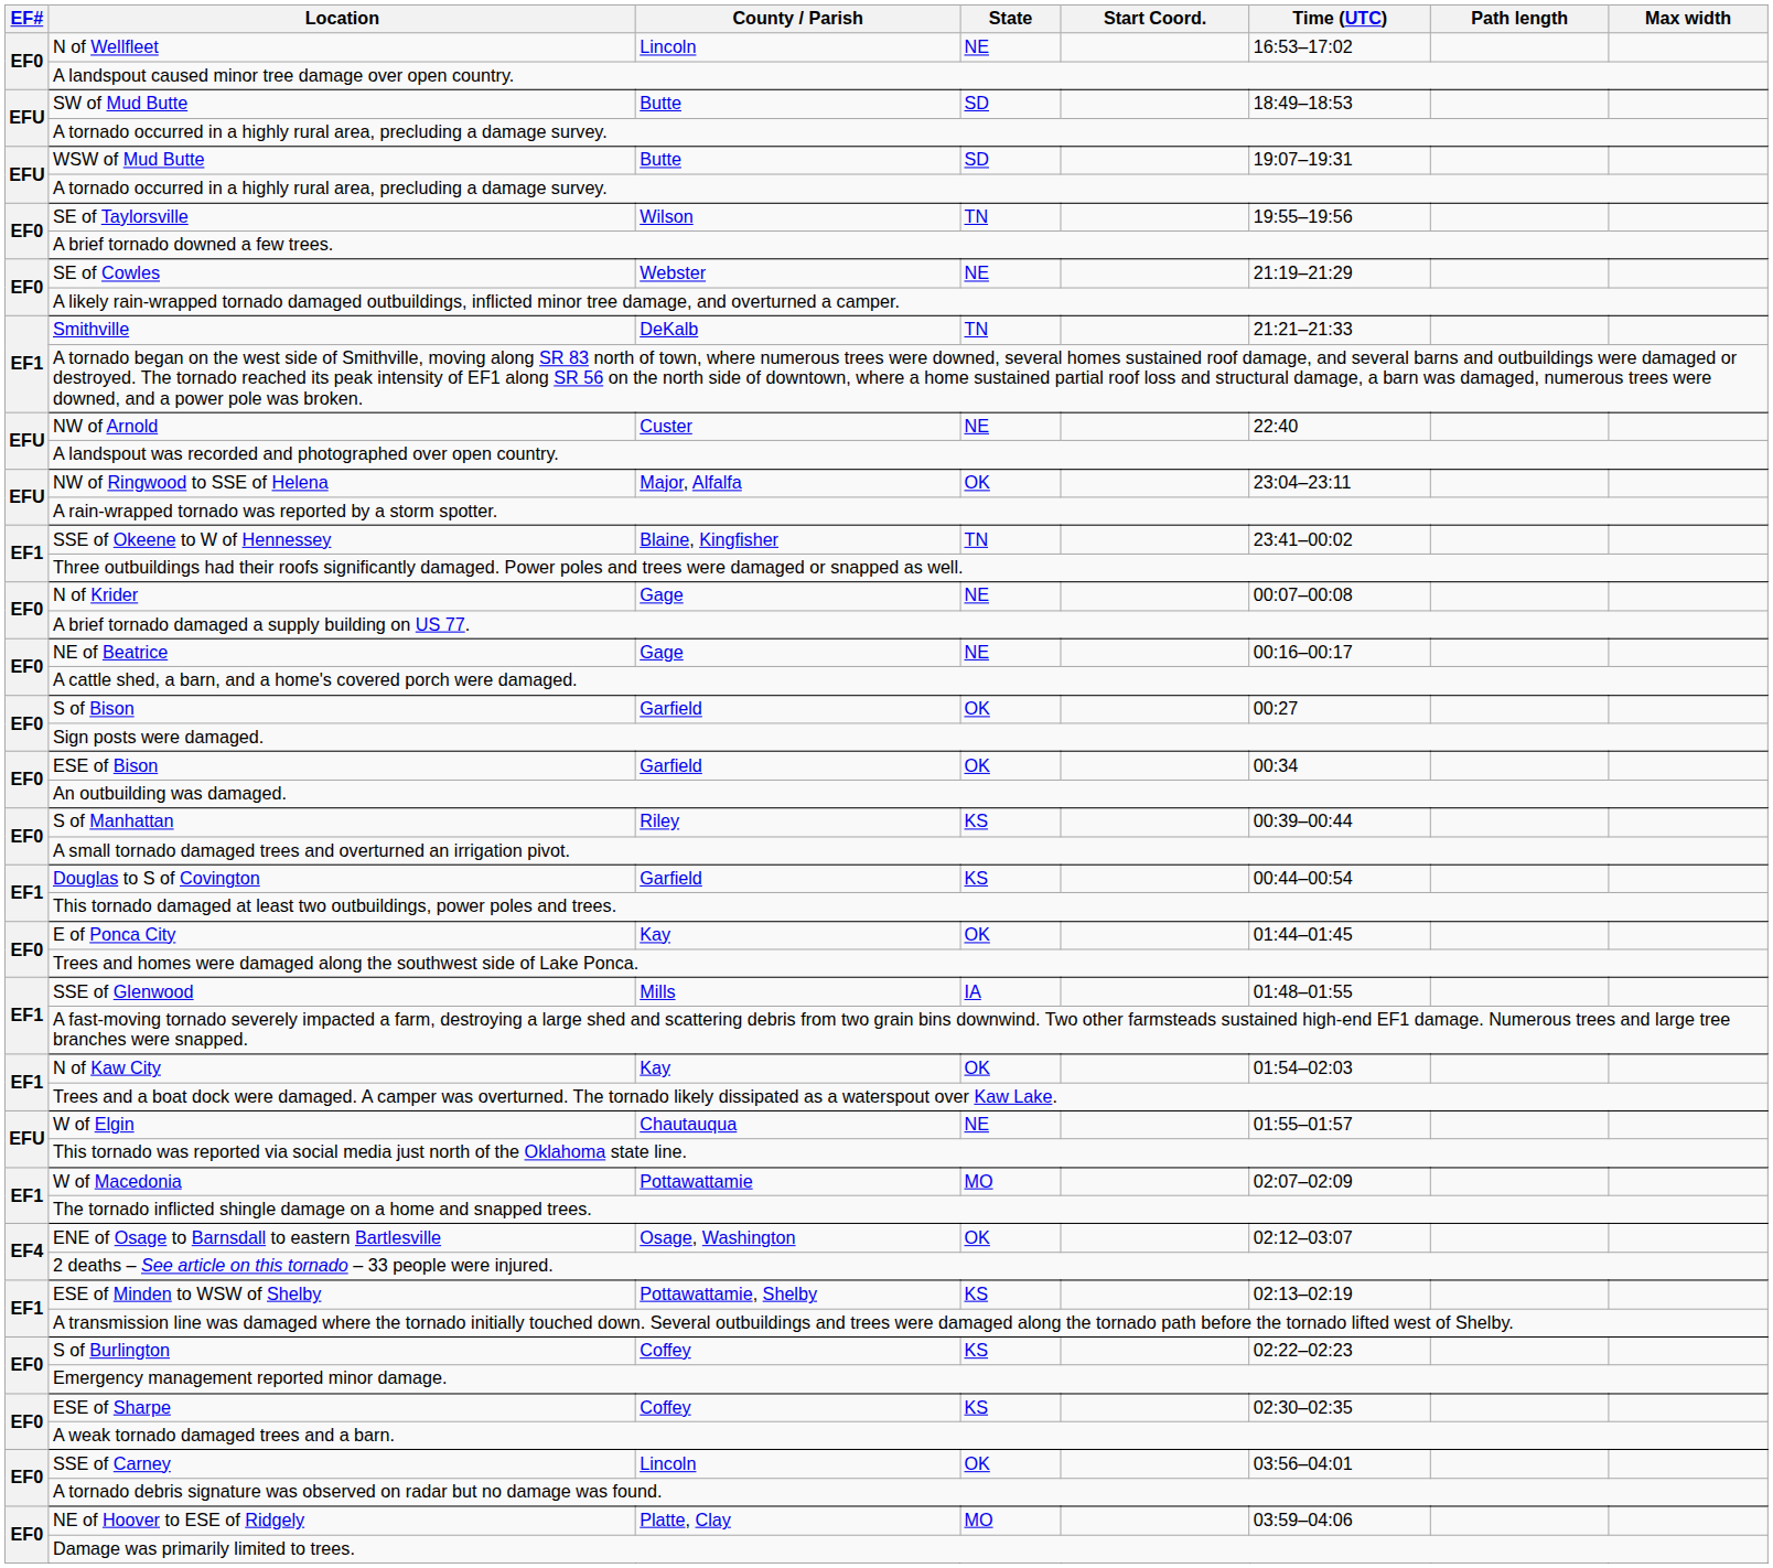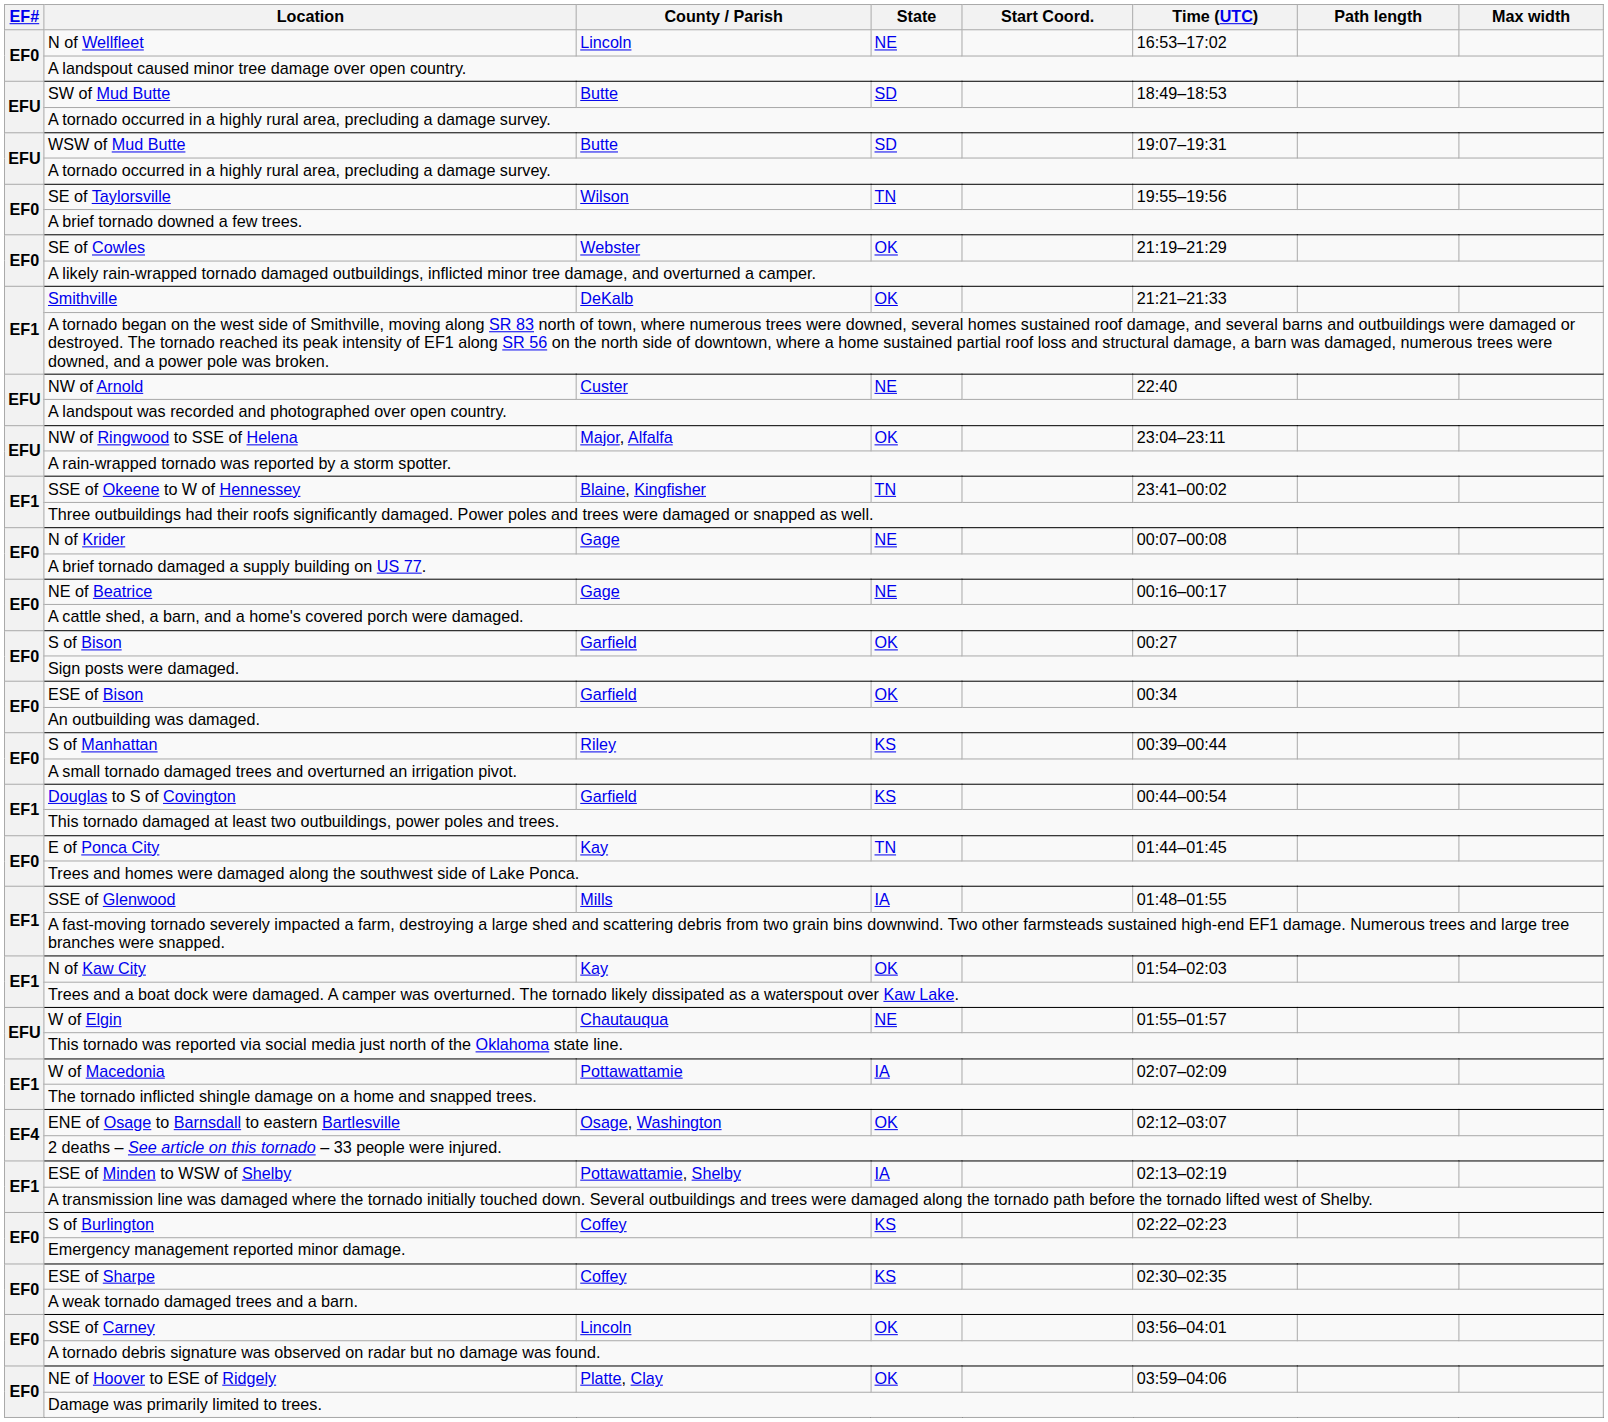 <table class="wikitable sortable" style="width:100%;">
 <tr>
 <th scope="col" width="2%" align="center"><a href='#'>EF#</a></th>
 <th scope="col" align="center" class="unsortable">Location</th>
 <th scope="col" align="center" class="unsortable">County / Parish</th>
 <th scope="col" align="center">State</th>
 <th scope="col" align="center">Start Coord.</th>
 <th scope="col" align="center">Time (<a href='#'>UTC</a>)</th>
 <th scope="col" align="center">Path length</th>
 <th scope="col" align="center">Max width</th>
 </tr>
 <tr>
 <th scope="row" rowspan="2" style="background-color:#">EF0</th>
 <td>N of <a href='#'>Wellfleet</a></td>
 <td><a href='#'>Lincoln</a></td>
 <td><a href='#'>NE</a></td>
 <td></td>
 <td>16:53–17:02</td>
 <td></td>
 <td></td>
 </tr>
 <tr class="expand-child">
 <td colspan="8" style=" border-bottom: 1px solid black;">A landspout caused minor tree damage over open country.</td>
 </tr>
 <tr>
 <th scope="row" rowspan="2" style="background-color:#">EFU</th>
 <td>SW of <a href='#'>Mud Butte</a></td>
 <td><a href='#'>Butte</a></td>
 <td><a href='#'>SD</a></td>
 <td></td>
 <td>18:49–18:53</td>
 <td></td>
 <td></td>
 </tr>
 <tr class="expand-child">
 <td colspan="8" style=" border-bottom: 1px solid black;">A tornado occurred in a highly rural area, precluding a damage survey.</td>
 </tr>
 <tr>
 <th scope="row" rowspan="2" style="background-color:#">EFU</th>
 <td>WSW of <a href='#'>Mud Butte</a></td>
 <td><a href='#'>Butte</a></td>
 <td><a href='#'>SD</a></td>
 <td></td>
 <td>19:07–19:31</td>
 <td></td>
 <td></td>
 </tr>
 <tr class="expand-child">
 <td colspan="8" style=" border-bottom: 1px solid black;">A tornado occurred in a highly rural area, precluding a damage survey.</td>
 </tr>
 <tr>
 <th scope="row" rowspan="2" style="background-color:#">EF0</th>
 <td>SE of <a href='#'>Taylorsville</a></td>
 <td><a href='#'>Wilson</a></td>
 <td><a href='#'>TN</a></td>
 <td></td>
 <td>19:55–19:56</td>
 <td></td>
 <td></td>
 </tr>
 <tr class="expand-child">
 <td colspan="8" style=" border-bottom: 1px solid black;">A brief tornado downed a few trees.</td>
 </tr>
 <tr>
 <th scope="row" rowspan="2" style="background-color:#">EF0</th>
 <td>SE of <a href='#'>Cowles</a></td>
 <td><a href='#'>Webster</a></td>
-<td><a href='#'>NE</a></td>
+<td><a href='#'>OK</a></td>
 <td></td>
 <td>21:19–21:29</td>
 <td></td>
 <td></td>
 </tr>
 <tr class="expand-child">
 <td colspan="8" style=" border-bottom: 1px solid black;">A likely rain-wrapped tornado damaged outbuildings, inflicted minor tree damage, and overturned a camper.</td>
 </tr>
 <tr>
 <th scope="row" rowspan="2" style="background-color:#">EF1</th>
 <td><a href='#'>Smithville</a></td>
 <td><a href='#'>DeKalb</a></td>
-<td><a href='#'>TN</a></td>
+<td><a href='#'>OK</a></td>
 <td></td>
 <td>21:21–21:33</td>
 <td></td>
 <td></td>
 </tr>
 <tr class="expand-child">
 <td colspan="8" style=" border-bottom: 1px solid black;">A tornado began on the west side of Smithville, moving along <a href='#'>SR 83</a> north of town, where numerous trees were downed, several homes sustained roof damage, and several barns and outbuildings were damaged or destroyed. The tornado reached its peak intensity of EF1 along <a href='#'>SR 56</a> on the north side of downtown, where a home sustained partial roof loss and structural damage, a barn was damaged, numerous trees were downed, and a power pole was broken.</td>
 </tr>
 <tr>
 <th scope="row" rowspan="2" style="background-color:#">EFU</th>
 <td>NW of <a href='#'>Arnold</a></td>
 <td><a href='#'>Custer</a></td>
 <td><a href='#'>NE</a></td>
 <td></td>
 <td>22:40</td>
 <td></td>
 <td></td>
 </tr>
 <tr class="expand-child">
 <td colspan="8" style=" border-bottom: 1px solid black;">A landspout was recorded and photographed over open country.</td>
 </tr>
 <tr>
 <th scope="row" rowspan="2" style="background-color:#">EFU</th>
 <td>NW of <a href='#'>Ringwood</a> to SSE of <a href='#'>Helena</a></td>
 <td><a href='#'>Major</a>, <a href='#'>Alfalfa</a></td>
 <td><a href='#'>OK</a></td>
 <td></td>
 <td>23:04–23:11</td>
 <td></td>
 <td></td>
 </tr>
 <tr class="expand-child">
 <td colspan="8" style=" border-bottom: 1px solid black;">A rain-wrapped tornado was reported by a storm spotter.</td>
 </tr>
 <tr>
 <th scope="row" rowspan="2" style="background-color:#">EF1</th>
 <td>SSE of <a href='#'>Okeene</a> to W of <a href='#'>Hennessey</a></td>
 <td><a href='#'>Blaine</a>, <a href='#'>Kingfisher</a></td>
 <td><a href='#'>TN</a></td>
 <td></td>
 <td>23:41–00:02</td>
 <td></td>
 <td></td>
 </tr>
 <tr class="expand-child">
 <td colspan="8" style=" border-bottom: 1px solid black;">Three outbuildings had their roofs significantly damaged. Power poles and trees were damaged or snapped as well.</td>
 </tr>
 <tr>
 <th scope="row" rowspan="2" style="background-color:#">EF0</th>
 <td>N of <a href='#'>Krider</a></td>
 <td><a href='#'>Gage</a></td>
 <td><a href='#'>NE</a></td>
 <td></td>
 <td>00:07–00:08</td>
 <td></td>
 <td></td>
 </tr>
 <tr class="expand-child">
 <td colspan="8" style=" border-bottom: 1px solid black;">A brief tornado damaged a supply building on <a href='#'>US 77</a>.</td>
 </tr>
 <tr>
 <th scope="row" rowspan="2" style="background-color:#">EF0</th>
 <td>NE of <a href='#'>Beatrice</a></td>
 <td><a href='#'>Gage</a></td>
 <td><a href='#'>NE</a></td>
 <td></td>
 <td>00:16–00:17</td>
 <td></td>
 <td></td>
 </tr>
 <tr class="expand-child">
 <td colspan="8" style=" border-bottom: 1px solid black;">A cattle shed, a barn, and a home's covered porch were damaged.</td>
 </tr>
 <tr>
 <th scope="row" rowspan="2" style="background-color:#">EF0</th>
 <td>S of <a href='#'>Bison</a></td>
 <td><a href='#'>Garfield</a></td>
 <td><a href='#'>OK</a></td>
 <td></td>
 <td>00:27</td>
 <td></td>
 <td></td>
 </tr>
 <tr class="expand-child">
 <td colspan="8" style=" border-bottom: 1px solid black;">Sign posts were damaged.</td>
 </tr>
 <tr>
 <th scope="row" rowspan="2" style="background-color:#">EF0</th>
 <td>ESE of <a href='#'>Bison</a></td>
 <td><a href='#'>Garfield</a></td>
 <td><a href='#'>OK</a></td>
 <td></td>
 <td>00:34</td>
 <td></td>
 <td></td>
 </tr>
 <tr class="expand-child">
 <td colspan="8" style=" border-bottom: 1px solid black;">An outbuilding was damaged.</td>
 </tr>
 <tr>
 <th scope="row" rowspan="2" style="background-color:#">EF0</th>
 <td>S of <a href='#'>Manhattan</a></td>
 <td><a href='#'>Riley</a></td>
 <td><a href='#'>KS</a></td>
 <td></td>
 <td>00:39–00:44</td>
 <td></td>
 <td></td>
 </tr>
 <tr class="expand-child">
 <td colspan="8" style=" border-bottom: 1px solid black;">A small tornado damaged trees and overturned an irrigation pivot.</td>
 </tr>
 <tr>
 <th scope="row" rowspan="2" style="background-color:#">EF1</th>
 <td><a href='#'>Douglas</a> to S of <a href='#'>Covington</a></td>
 <td><a href='#'>Garfield</a></td>
 <td><a href='#'>KS</a></td>
 <td></td>
 <td>00:44–00:54</td>
 <td></td>
 <td></td>
 </tr>
 <tr class="expand-child">
 <td colspan="8" style=" border-bottom: 1px solid black;">This tornado damaged at least two outbuildings, power poles and trees.</td>
 </tr>
 <tr>
 <th scope="row" rowspan="2" style="background-color:#">EF0</th>
 <td>E of <a href='#'>Ponca City</a></td>
 <td><a href='#'>Kay</a></td>
-<td><a href='#'>OK</a></td>
+<td><a href='#'>TN</a></td>
 <td></td>
 <td>01:44–01:45</td>
 <td></td>
 <td></td>
 </tr>
 <tr class="expand-child">
 <td colspan="8" style=" border-bottom: 1px solid black;">Trees and homes were damaged along the southwest side of Lake Ponca.</td>
 </tr>
 <tr>
 <th scope="row" rowspan="2" style="background-color:#">EF1</th>
 <td>SSE of <a href='#'>Glenwood</a></td>
 <td><a href='#'>Mills</a></td>
 <td><a href='#'>IA</a></td>
 <td></td>
 <td>01:48–01:55</td>
 <td></td>
 <td></td>
 </tr>
 <tr class="expand-child">
 <td colspan="8" style=" border-bottom: 1px solid black;">A fast-moving tornado severely impacted a farm, destroying a large shed and scattering debris from two grain bins  downwind. Two other farmsteads sustained high-end EF1 damage. Numerous trees and large tree branches were snapped.</td>
 </tr>
 <tr>
 <th scope="row" rowspan="2" style="background-color:#">EF1</th>
 <td>N of <a href='#'>Kaw City</a></td>
 <td><a href='#'>Kay</a></td>
 <td><a href='#'>OK</a></td>
 <td></td>
 <td>01:54–02:03</td>
 <td></td>
 <td></td>
 </tr>
 <tr class="expand-child">
 <td colspan="8" style=" border-bottom: 1px solid black;">Trees and a boat dock were damaged. A camper was overturned. The tornado likely dissipated as a waterspout over <a href='#'>Kaw Lake</a>.</td>
 </tr>
 <tr>
 <th scope="row" rowspan="2" style="background-color:#">EFU</th>
 <td>W of <a href='#'>Elgin</a></td>
 <td><a href='#'>Chautauqua</a></td>
 <td><a href='#'>NE</a></td>
 <td></td>
 <td>01:55–01:57</td>
 <td></td>
 <td></td>
 </tr>
 <tr class="expand-child">
 <td colspan="8" style=" border-bottom: 1px solid black;">This tornado was reported via social media just north of the <a href='#'>Oklahoma</a> state line.</td>
 </tr>
 <tr>
 <th scope="row" rowspan="2" style="background-color:#">EF1</th>
 <td>W of <a href='#'>Macedonia</a></td>
 <td><a href='#'>Pottawattamie</a></td>
-<td><a href='#'>MO</a></td>
+<td><a href='#'>IA</a></td>
 <td></td>
 <td>02:07–02:09</td>
 <td></td>
 <td></td>
 </tr>
 <tr class="expand-child">
 <td colspan="8" style=" border-bottom: 1px solid black;">The tornado inflicted shingle damage on a home and snapped trees.</td>
 </tr>
 <tr>
 <th scope="row" rowspan="2" style="background-color:#">EF4</th>
 <td>ENE of <a href='#'>Osage</a> to <a href='#'>Barnsdall</a> to eastern <a href='#'>Bartlesville</a></td>
 <td><a href='#'>Osage</a>, <a href='#'>Washington</a></td>
 <td><a href='#'>OK</a></td>
 <td></td>
 <td>02:12–03:07</td>
 <td></td>
 <td></td>
 </tr>
 <tr class="expand-child">
 <td colspan="8" style=" border-bottom: 1px solid black;">2 deaths – <em><a href='#'>See article on this tornado</a></em> – 33 people were injured.</td>
 </tr>
 <tr>
 <th scope="row" rowspan="2" style="background-color:#">EF1</th>
 <td>ESE of <a href='#'>Minden</a> to WSW of <a href='#'>Shelby</a></td>
 <td><a href='#'>Pottawattamie</a>, <a href='#'>Shelby</a></td>
-<td><a href='#'>KS</a></td>
+<td><a href='#'>IA</a></td>
 <td></td>
 <td>02:13–02:19</td>
 <td></td>
 <td></td>
 </tr>
 <tr class="expand-child">
 <td colspan="8" style=" border-bottom: 1px solid black;">A transmission line was damaged where the tornado initially touched down. Several outbuildings and trees were damaged along the tornado path before the tornado lifted west of Shelby.</td>
 </tr>
 <tr>
 <th scope="row" rowspan="2" style="background-color:#">EF0</th>
 <td>S of <a href='#'>Burlington</a></td>
 <td><a href='#'>Coffey</a></td>
 <td><a href='#'>KS</a></td>
 <td></td>
 <td>02:22–02:23</td>
 <td></td>
 <td></td>
 </tr>
 <tr class="expand-child">
 <td colspan="8" style=" border-bottom: 1px solid black;">Emergency management reported minor damage.</td>
 </tr>
 <tr>
 <th scope="row" rowspan="2" style="background-color:#">EF0</th>
 <td>ESE of <a href='#'>Sharpe</a></td>
 <td><a href='#'>Coffey</a></td>
 <td><a href='#'>KS</a></td>
 <td></td>
 <td>02:30–02:35</td>
 <td></td>
 <td></td>
 </tr>
 <tr class="expand-child">
 <td colspan="8" style=" border-bottom: 1px solid black;">A weak tornado damaged trees and a barn.</td>
 </tr>
 <tr>
 <th scope="row" rowspan="2" style="background-color:#">EF0</th>
 <td>SSE of <a href='#'>Carney</a></td>
 <td><a href='#'>Lincoln</a></td>
 <td><a href='#'>OK</a></td>
 <td></td>
 <td>03:56–04:01</td>
 <td></td>
 <td></td>
 </tr>
 <tr class="expand-child">
 <td colspan="8" style=" border-bottom: 1px solid black;">A tornado debris signature was observed on radar but no damage was found.</td>
 </tr>
 <tr>
 <th scope="row" rowspan="2" style="background-color:#">EF0</th>
 <td>NE of <a href='#'>Hoover</a> to ESE of <a href='#'>Ridgely</a></td>
 <td><a href='#'>Platte</a>, <a href='#'>Clay</a></td>
-<td><a href='#'>MO</a></td>
+<td><a href='#'>OK</a></td>
 <td></td>
 <td>03:59–04:06</td>
 <td></td>
 <td></td>
 </tr>
 <tr class="expand-child">
 <td colspan="8" style=" border-bottom: 1px solid black;">Damage was primarily limited to trees.</td>
 </tr>
 <tr>
 </tr>
 </table>
